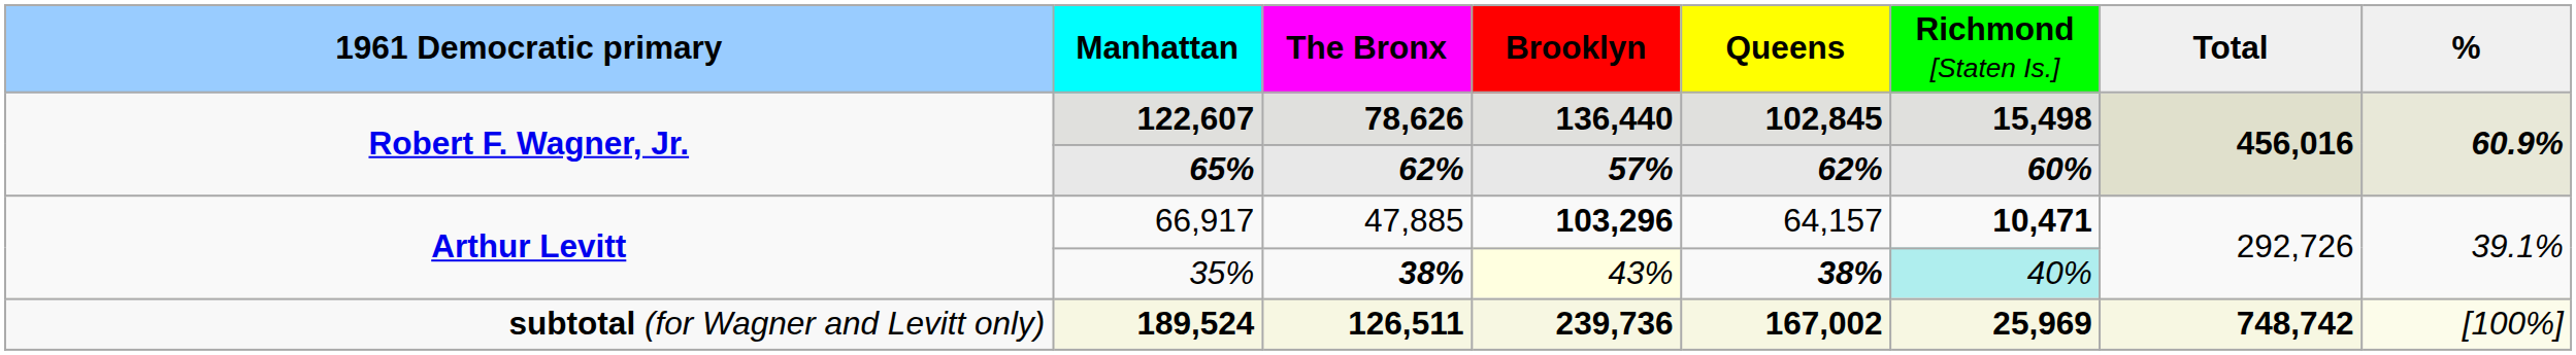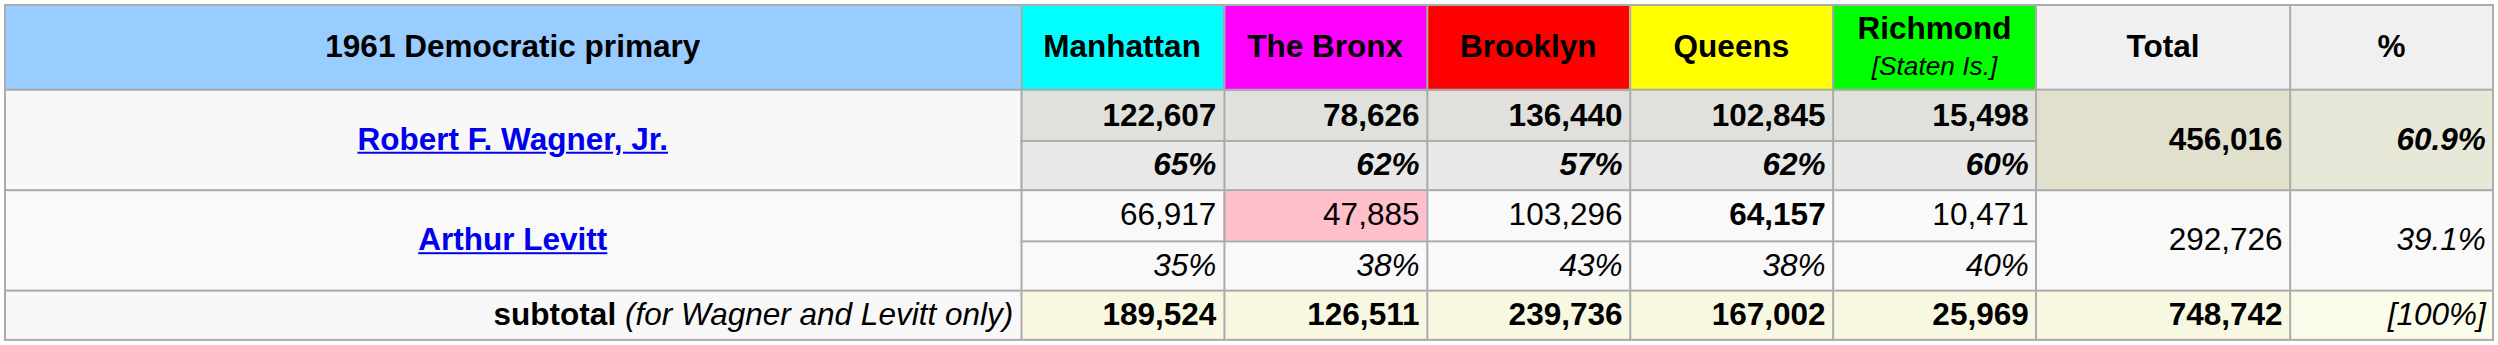 <table class="wikitable"  style="width:100%; text-align:right;">
 <tr style="text-align:center;">
 <td style="width:40%; background:#9cf;"><strong>1961 Democratic primary</strong></td>
 <td style="width:8%; background:aqua;"><strong>Manhattan</strong></td>
 <td style="width:8%; background:magenta;"><strong>The Bronx</strong></td>
 <td style="width:8%; background:red;"><strong>Brooklyn</strong></td>
 <td style="width:8%; background:yellow;"><strong>Queens</strong></td>
 <td style="width:8%; background:lime;"><strong>Richmond</strong> <small><em>[Staten Is.]</em></small></td>
 <td style="width:10%; background:#f0f0f0;"><strong>Total</strong></td>
 <td style="width:8%; background:#f0f0f0;"><strong>%</strong></td>
 </tr>
 <tr style="background:#e0e0dd;">
 <td rowspan="2"  style="background:#f8f8f8; text-align:center;"><strong><a href='#'>Robert F. Wagner, Jr.</a></strong></td>
 <td><strong>122,607</strong></td>
 <td><strong>78,626</strong></td>
 <td><strong>136,440</strong></td>
 <td style="background:#e0e0dd;"><strong>102,845</strong></td>
 <td><strong>15,498</strong></td>
 <td rowspan="2" style="background:#e0e0cc;"><strong>456,016</strong></td>
 <td rowspan="2" style="background:#e8e8d8;"><strong><em>60.9%</em></strong></td>
 </tr>
 <tr style="background:#e8e8e8;">
 <td><strong><em>65%</em></strong></td>
 <td><strong><em>62%</em></strong></td>
 <td><strong><em>57%</em></strong></td>
 <td><strong><em>62%</em></strong></td>
 <td><strong><em>60%</em></strong></td>
 </tr>
 <tr>
 <td rowspan="2" style="text-align:center;"><strong><a href='#'>Arthur Levitt</a></strong></td>
 <td>66,917</td>
-<td>47,885</td>
-<td><strong>103,296</strong></td>
-<td>64,157</td>
-<td><strong>10,471</strong></td>
+<td style="background: pink;">47,885</td>
+<td>103,296</td>
+<td><strong>64,157</strong></td>
+<td>10,471</td>
 <td rowspan="2">292,726</td>
 <td rowspan="2"><em>39.1%</em></td>
 </tr>
 <tr>
 <td><em>35%</em></td>
-<td><strong><em>38%</em></strong></td>
-<td style="background: lightyellow;"><em>43%</em></td>
-<td><strong><em>38%</em></strong></td>
-<td style="background: paleturquoise;"><em>40%</em></td>
+<td><em>38%</em></td>
+<td><em>43%</em></td>
+<td><em>38%</em></td>
+<td><em>40%</em></td>
 </tr>
 <tr style="background:#f7f7e2;">
 <td style="background:#f8f8f8;"><strong>subtotal</strong> <em>(for Wagner and Levitt only)</em></td>
 <td><strong>189,524</strong></td>
 <td><strong>126,511</strong></td>
 <td><strong>239,736</strong></td>
 <td><strong>167,002</strong></td>
 <td><strong>25,969</strong></td>
 <td><strong>748,742</strong></td>
 <td bgcolor=fcfcea><em>[100%]</em></td>
 </tr>
 </table>
